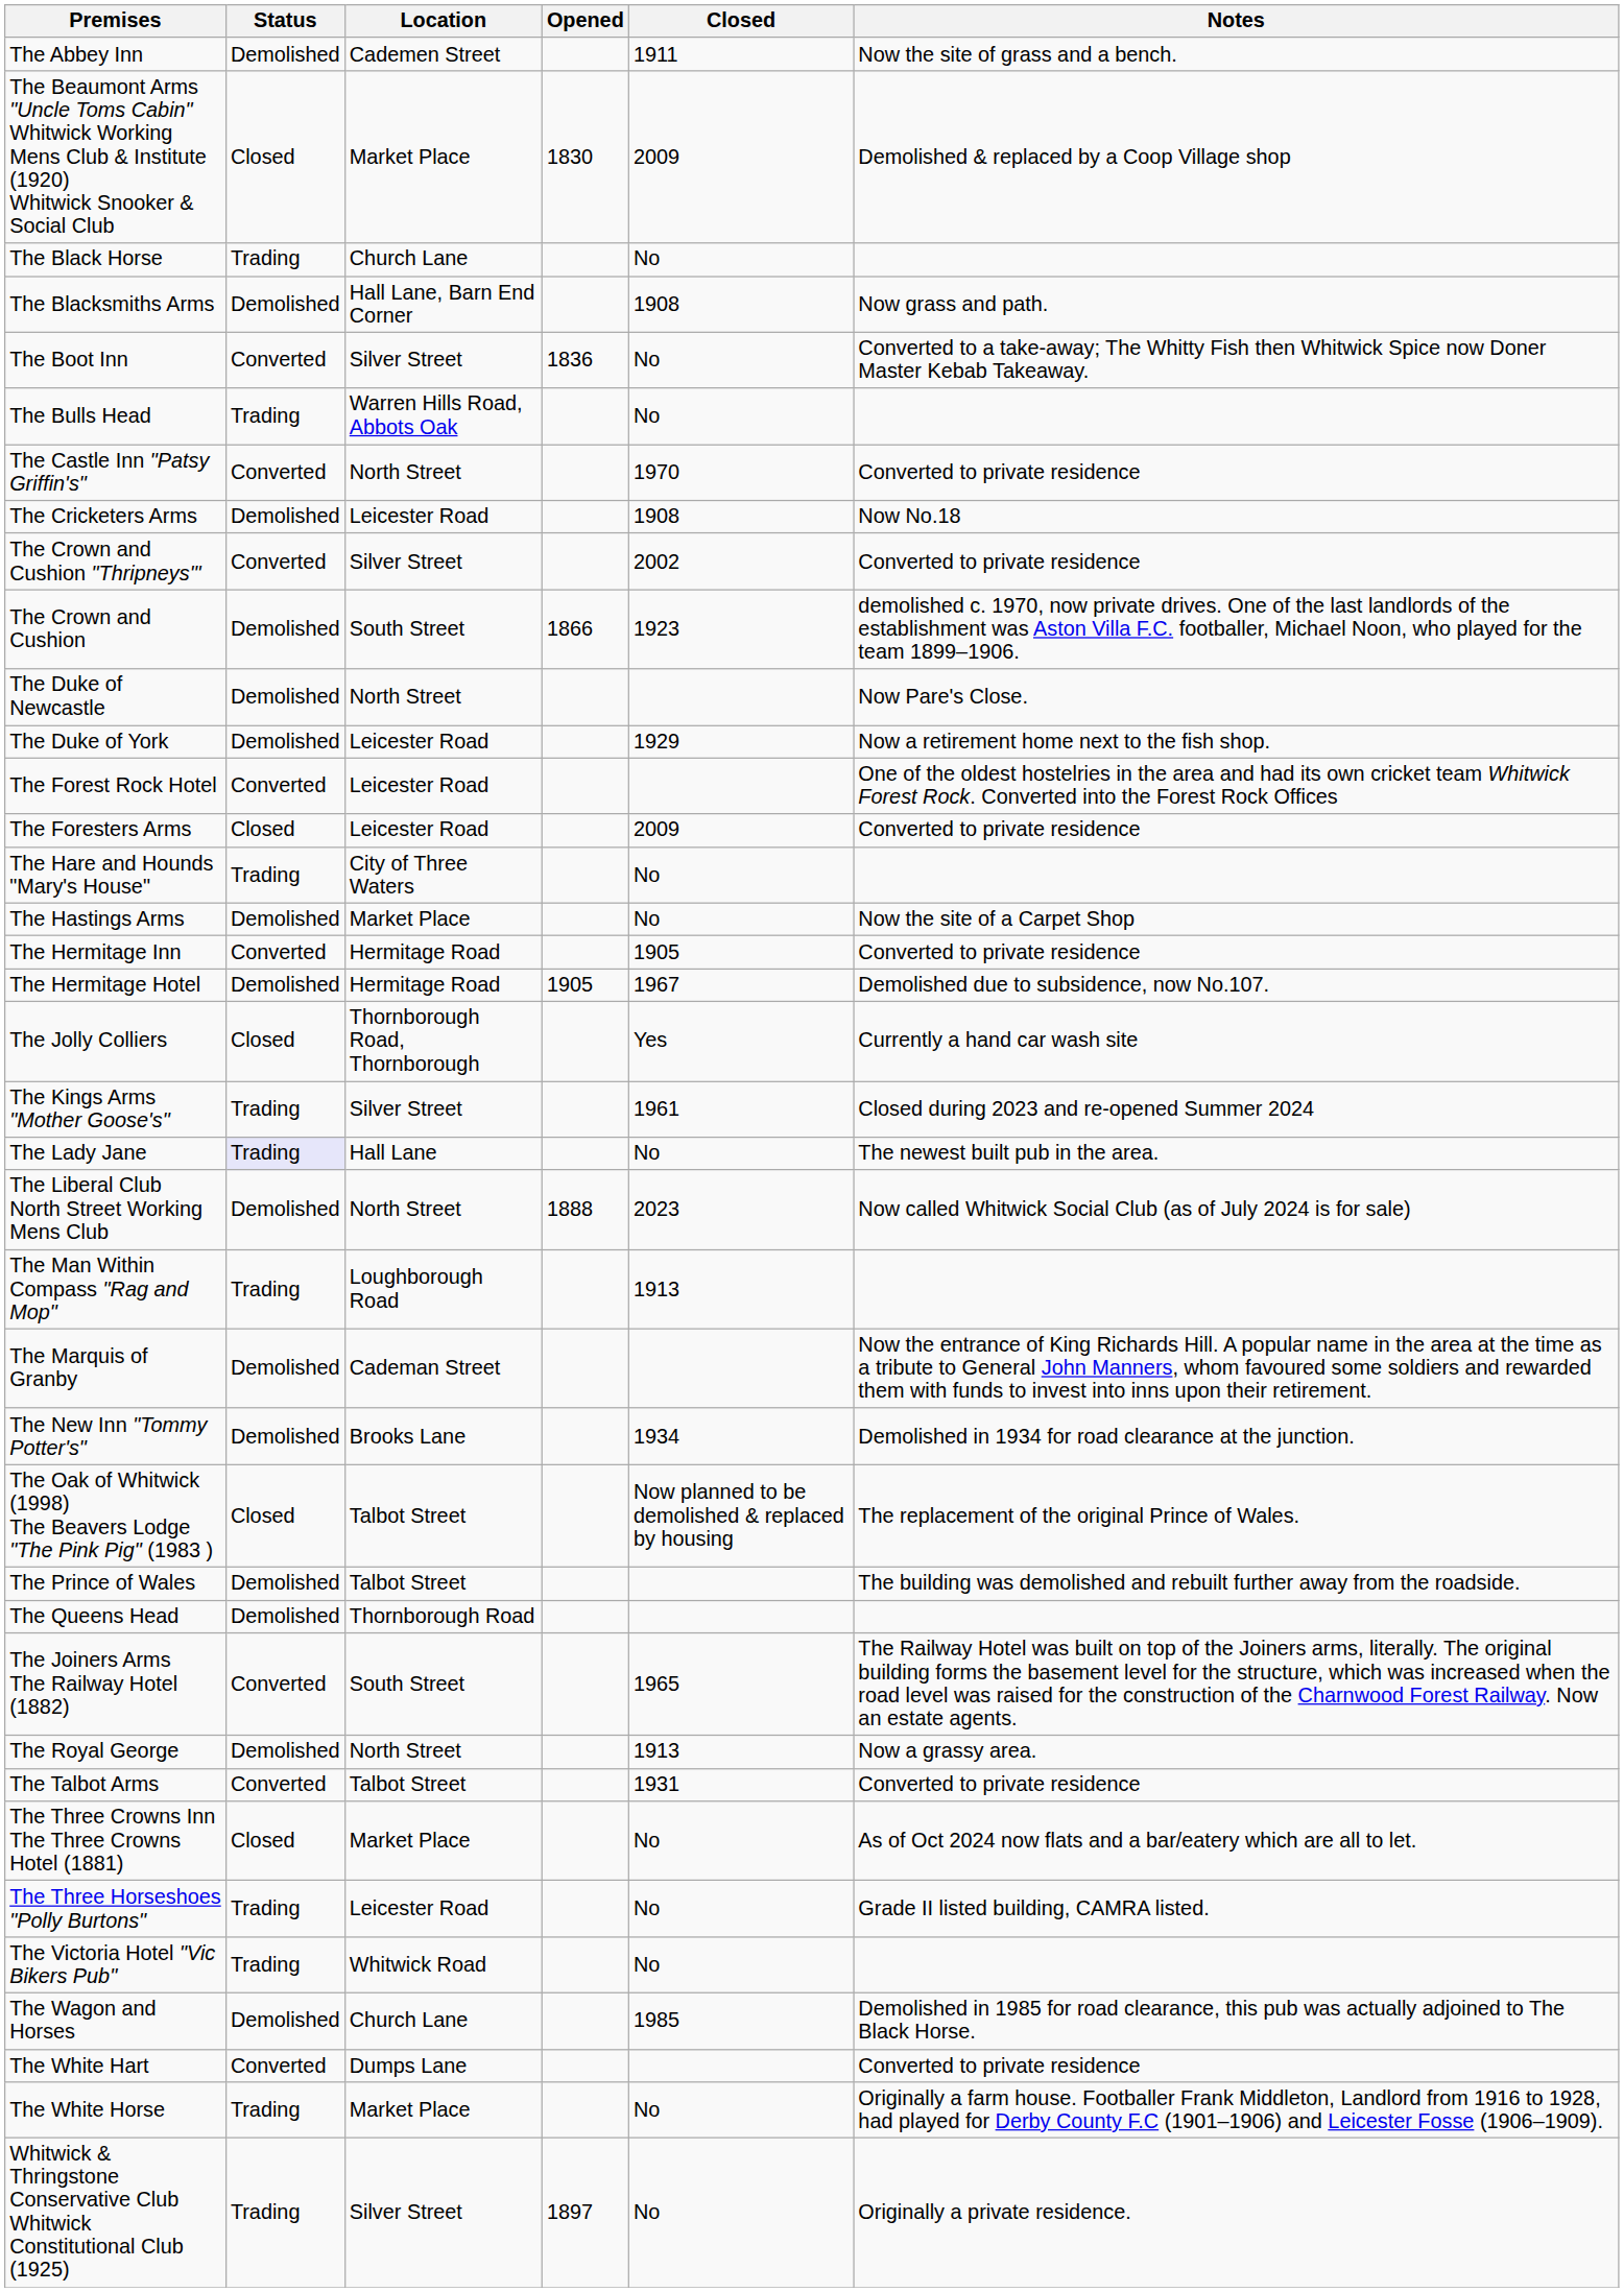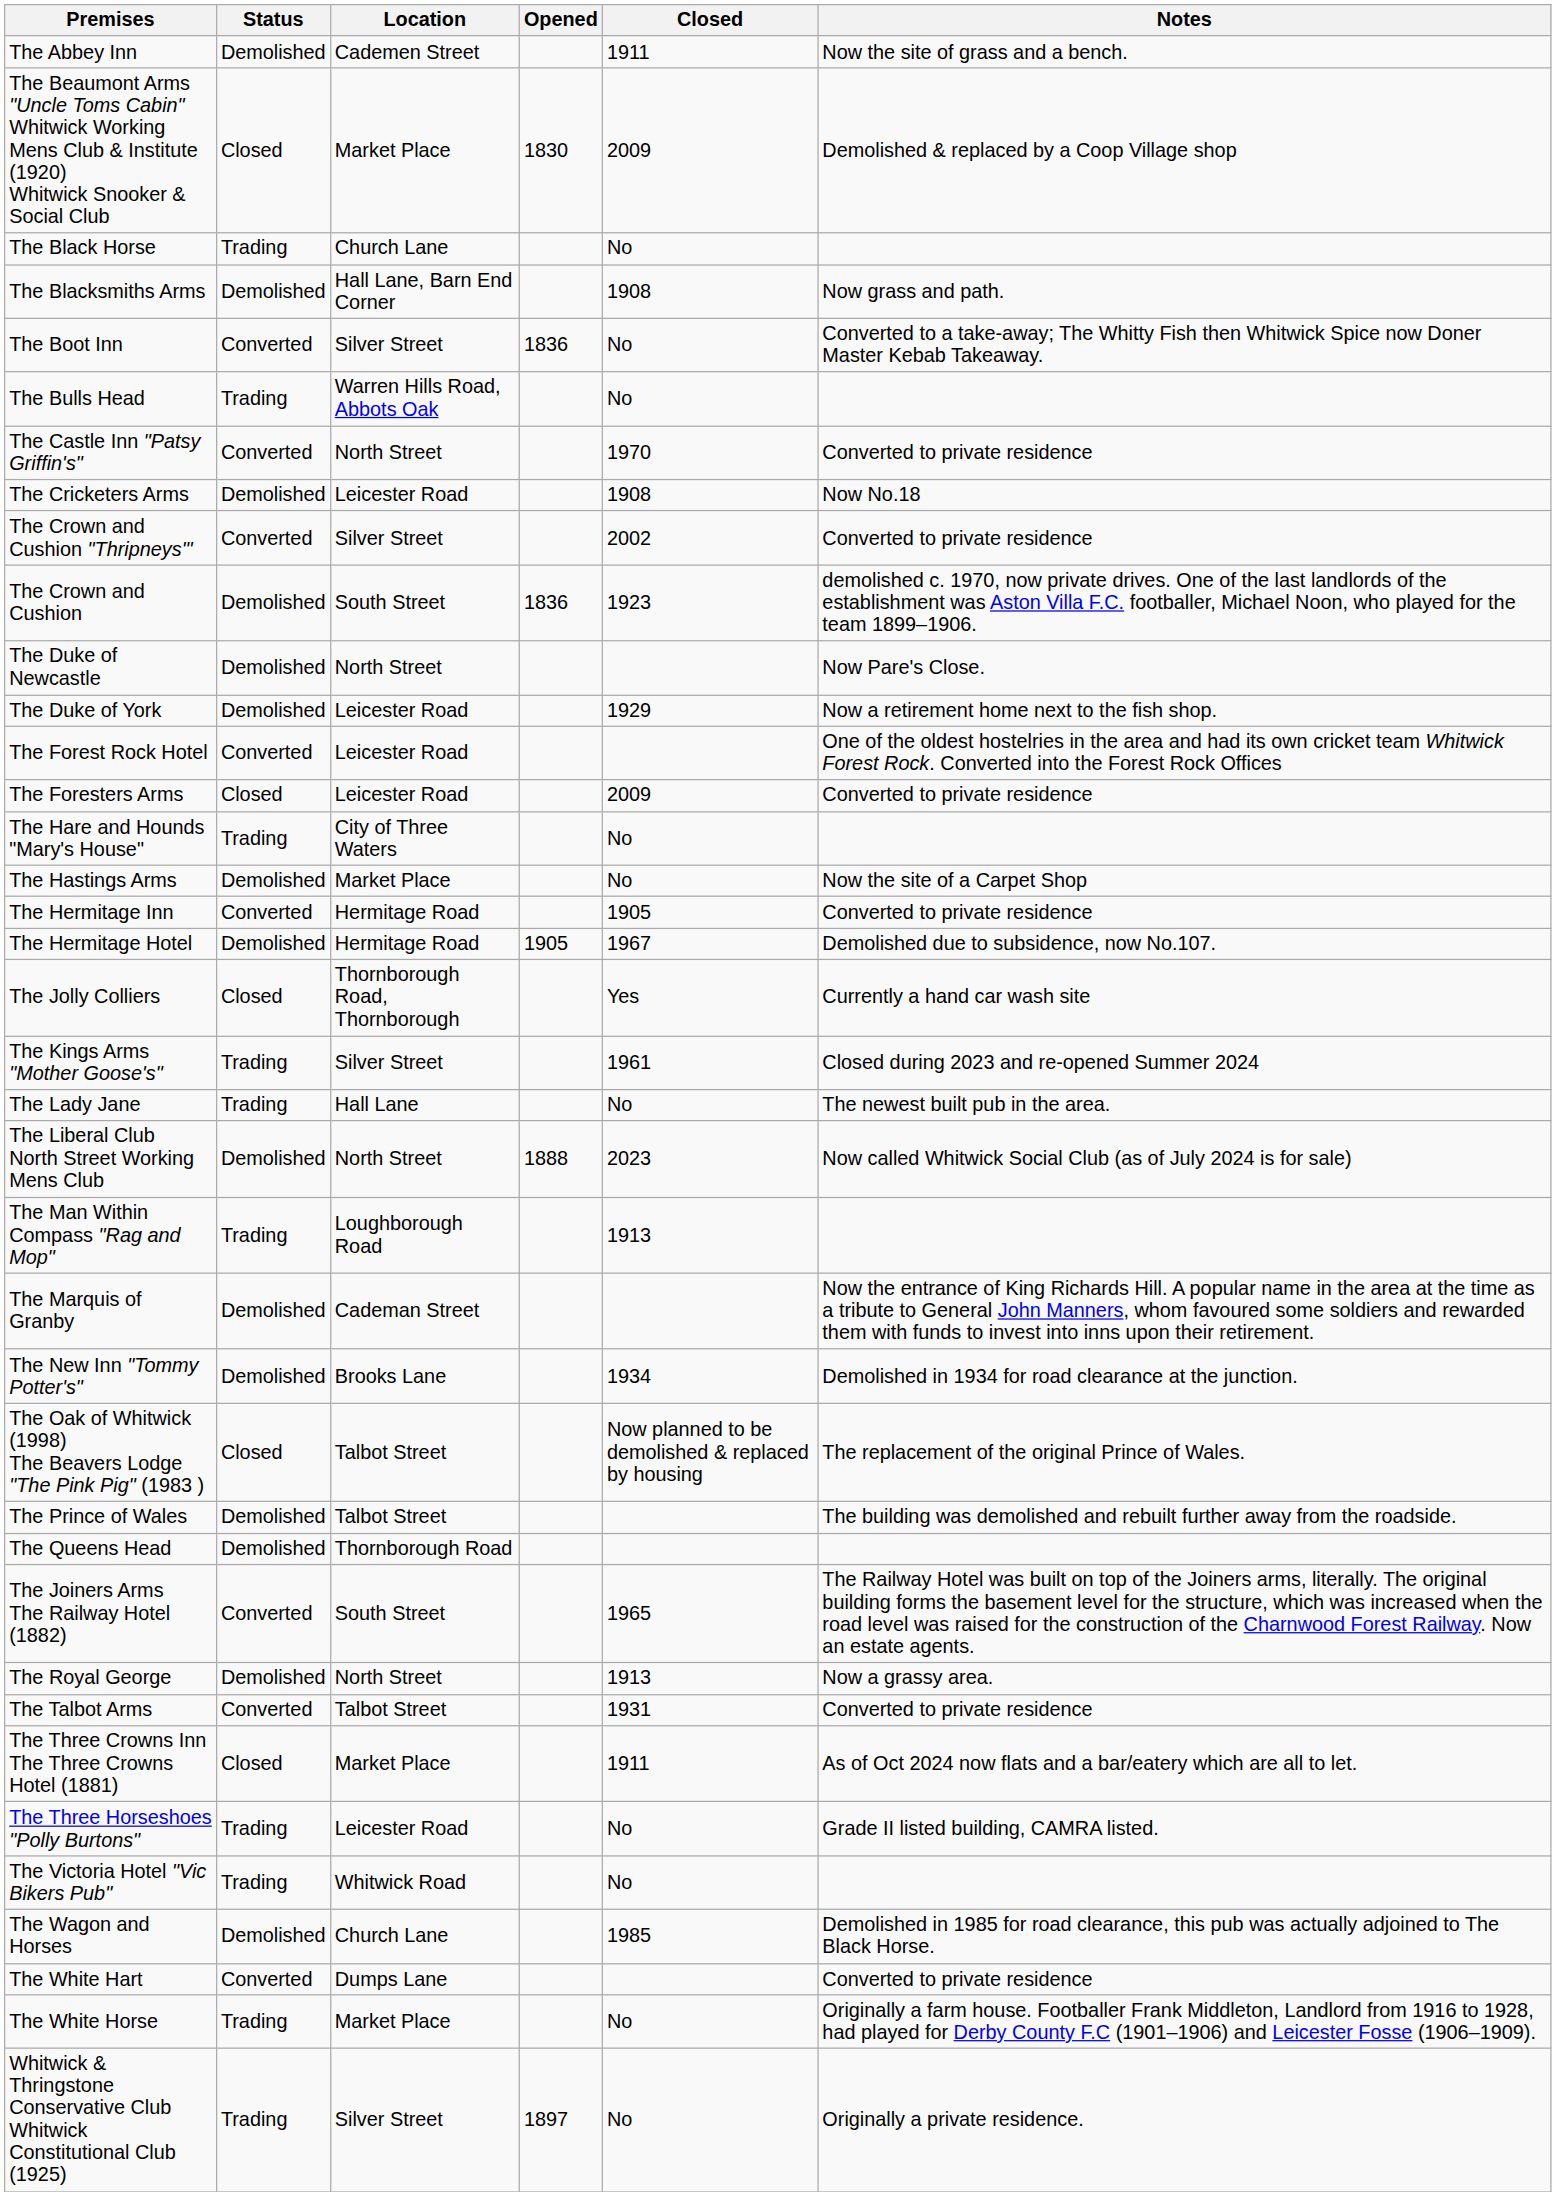 <table class="wikitable sortable">
 <tr>
 <th>Premises</th>
 <th>Status</th>
 <th>Location</th>
 <th>Opened</th>
 <th>Closed</th>
 <th>Notes</th>
 </tr>
 <tr>
 <td>The Abbey Inn</td>
 <td>Demolished</td>
 <td>Cademen Street</td>
 <td></td>
 <td>1911</td>
 <td>Now the site of grass and a bench.</td>
 </tr>
 <tr>
 <td>The Beaumont Arms <em>"Uncle Toms Cabin"</em><br>Whitwick Working Mens Club & Institute (1920) <br>Whitwick Snooker & Social Club</td>
 <td>Closed</td>
 <td>Market Place</td>
 <td>1830</td>
 <td>2009</td>
 <td>Demolished & replaced by a Coop Village shop</td>
 </tr>
 <tr>
 <td>The Black Horse</td>
 <td>Trading</td>
 <td>Church Lane</td>
 <td></td>
 <td>No</td>
 <td></td>
 </tr>
 <tr>
 <td>The Blacksmiths Arms</td>
 <td>Demolished</td>
 <td>Hall Lane, Barn End Corner</td>
 <td></td>
 <td>1908</td>
 <td>Now grass and path.</td>
 </tr>
 <tr>
 <td>The Boot Inn</td>
 <td>Converted</td>
 <td>Silver Street</td>
 <td>1836</td>
 <td>No</td>
 <td>Converted to a take-away; The Whitty Fish then Whitwick Spice now Doner Master Kebab Takeaway.</td>
 </tr>
 <tr>
 <td>The Bulls Head</td>
 <td>Trading</td>
 <td>Warren Hills Road, <a href='#'>Abbots Oak</a></td>
 <td></td>
 <td>No</td>
 <td></td>
 </tr>
 <tr>
 <td>The Castle Inn <em>"Patsy Griffin's"</em></td>
 <td>Converted</td>
 <td>North Street</td>
 <td></td>
 <td>1970</td>
 <td>Converted to private residence</td>
 </tr>
 <tr>
 <td>The Cricketers Arms</td>
 <td>Demolished</td>
 <td>Leicester Road</td>
 <td></td>
 <td>1908</td>
 <td>Now No.18</td>
 </tr>
 <tr>
 <td>The Crown and Cushion <em>"Thripneys'"</em></td>
 <td>Converted</td>
 <td>Silver Street</td>
 <td></td>
 <td>2002</td>
 <td>Converted to private residence</td>
 </tr>
 <tr>
 <td>The Crown and Cushion</td>
 <td>Demolished</td>
 <td>South Street</td>
-<td>1866</td>
+<td>1836</td>
 <td>1923</td>
 <td>demolished c. 1970, now private drives. One of the last landlords of the establishment was <a href='#'>Aston Villa F.C.</a> footballer, Michael Noon, who played for the team 1899–1906.</td>
 </tr>
 <tr>
 <td>The Duke of Newcastle</td>
 <td>Demolished</td>
 <td>North Street</td>
 <td></td>
 <td></td>
 <td>Now Pare's Close.</td>
 </tr>
 <tr>
 <td>The Duke of York</td>
 <td>Demolished</td>
 <td>Leicester Road</td>
 <td></td>
 <td>1929</td>
 <td>Now a retirement home next to the fish shop.</td>
 </tr>
 <tr>
 <td>The Forest Rock Hotel</td>
 <td>Converted</td>
 <td>Leicester Road</td>
 <td></td>
 <td></td>
 <td>One of the oldest hostelries in the area and had its own cricket team <em>Whitwick Forest Rock</em>. Converted into the Forest Rock Offices</td>
 </tr>
 <tr>
 <td>The Foresters Arms</td>
 <td>Closed</td>
 <td>Leicester Road</td>
 <td></td>
 <td>2009</td>
 <td>Converted to private residence</td>
 </tr>
 <tr>
 <td>The Hare and Hounds "Mary's House"</td>
 <td>Trading</td>
 <td>City of Three Waters</td>
 <td></td>
 <td>No</td>
 <td></td>
 </tr>
 <tr>
 <td>The Hastings Arms</td>
 <td>Demolished</td>
 <td>Market Place</td>
 <td></td>
 <td>No</td>
 <td>Now the site of a Carpet Shop</td>
 </tr>
 <tr>
 <td>The Hermitage Inn</td>
 <td>Converted</td>
 <td>Hermitage Road</td>
 <td></td>
 <td>1905</td>
 <td>Converted to private residence</td>
 </tr>
 <tr>
 <td>The Hermitage Hotel</td>
 <td>Demolished</td>
 <td>Hermitage Road</td>
 <td>1905</td>
 <td>1967</td>
 <td>Demolished due to subsidence, now No.107.</td>
 </tr>
 <tr>
 <td>The Jolly Colliers</td>
 <td>Closed</td>
 <td>Thornborough Road, Thornborough</td>
 <td></td>
 <td>Yes</td>
 <td>Currently a hand car wash site</td>
 </tr>
 <tr>
 <td>The Kings Arms <em>"Mother Goose's"</em></td>
 <td>Trading</td>
 <td>Silver Street</td>
 <td></td>
 <td>1961</td>
 <td>Closed during 2023 and re-opened Summer 2024</td>
 </tr>
 <tr>
 <td>The Lady Jane</td>
-<td style="background: lavender;">Trading</td>
+<td>Trading</td>
 <td>Hall Lane</td>
 <td></td>
 <td>No</td>
 <td>The newest built pub in the area.</td>
 </tr>
 <tr>
 <td>The Liberal Club<br>North Street Working Mens Club</td>
 <td>Demolished</td>
 <td>North Street</td>
 <td>1888</td>
 <td>2023</td>
 <td>Now called Whitwick Social Club (as of July 2024 is for sale)</td>
 </tr>
 <tr>
 <td>The Man Within Compass <em>"Rag and Mop"</em></td>
 <td>Trading</td>
 <td>Loughborough Road</td>
 <td></td>
 <td>1913</td>
 <td></td>
 </tr>
 <tr>
 <td>The Marquis of Granby</td>
 <td>Demolished</td>
 <td>Cademan Street</td>
 <td></td>
 <td></td>
 <td>Now the entrance of King Richards Hill. A popular name in the area at the time as a tribute to General <a href='#'>John Manners</a>, whom favoured some soldiers and rewarded them with funds to invest into inns upon their retirement.</td>
 </tr>
 <tr>
 <td>The New Inn <em>"Tommy Potter's"</em></td>
 <td>Demolished</td>
 <td>Brooks Lane</td>
 <td></td>
 <td>1934</td>
 <td>Demolished in 1934 for road clearance at the junction.</td>
 </tr>
 <tr>
 <td>The Oak of Whitwick (1998)<br>The Beavers Lodge <em>"The Pink Pig"</em> (1983 )</td>
 <td>Closed</td>
 <td>Talbot Street</td>
 <td></td>
 <td>Now planned to be demolished & replaced by housing</td>
 <td>The replacement of the original Prince of Wales.</td>
 </tr>
 <tr>
 <td>The Prince of Wales</td>
 <td>Demolished</td>
 <td>Talbot Street</td>
 <td></td>
 <td></td>
 <td>The building was demolished and rebuilt further away from the roadside.</td>
 </tr>
 <tr>
 <td>The Queens Head</td>
 <td>Demolished</td>
 <td>Thornborough Road</td>
 <td></td>
 <td></td>
 <td></td>
 </tr>
 <tr>
 <td>The Joiners Arms<br>The Railway Hotel (1882)</td>
 <td>Converted</td>
 <td>South Street</td>
 <td></td>
 <td>1965</td>
 <td>The Railway Hotel was built on top of the Joiners arms, literally. The original building forms the basement level for the structure, which was increased when the road level was raised for the construction of the <a href='#'>Charnwood Forest Railway</a>. Now an estate agents.</td>
 </tr>
 <tr>
 <td>The Royal George</td>
 <td>Demolished</td>
 <td>North Street</td>
 <td></td>
 <td>1913</td>
 <td>Now a grassy area.</td>
 </tr>
 <tr>
 <td>The Talbot Arms</td>
 <td>Converted</td>
 <td>Talbot Street</td>
 <td></td>
 <td>1931</td>
 <td>Converted to private residence</td>
 </tr>
 <tr>
 <td>The Three Crowns Inn<br>The Three Crowns Hotel (1881)</td>
 <td>Closed</td>
 <td>Market Place</td>
 <td></td>
-<td>No</td>
+<td>1911</td>
 <td>As of Oct 2024 now flats and a bar/eatery which are all to let.</td>
 </tr>
 <tr>
 <td><a href='#'>The Three Horseshoes</a> <em>"Polly Burtons"</em></td>
 <td>Trading</td>
 <td>Leicester Road</td>
 <td></td>
 <td>No</td>
 <td>Grade II listed building, CAMRA listed.</td>
 </tr>
 <tr>
 <td>The Victoria Hotel <em>"Vic Bikers Pub"</em></td>
 <td>Trading</td>
 <td>Whitwick Road</td>
 <td></td>
 <td>No</td>
 <td></td>
 </tr>
 <tr>
 <td>The Wagon and Horses</td>
 <td>Demolished</td>
 <td>Church Lane</td>
 <td></td>
 <td>1985</td>
 <td>Demolished in 1985 for road clearance, this pub was actually adjoined to The Black Horse.</td>
 </tr>
 <tr>
 <td>The White Hart</td>
 <td>Converted</td>
 <td>Dumps Lane</td>
 <td></td>
 <td></td>
 <td>Converted to private residence</td>
 </tr>
 <tr>
 <td>The White Horse</td>
 <td>Trading</td>
 <td>Market Place</td>
 <td></td>
 <td>No</td>
 <td>Originally a farm house. Footballer Frank Middleton, Landlord from 1916 to 1928, had played for <a href='#'>Derby County F.C</a> (1901–1906) and <a href='#'>Leicester Fosse</a> (1906–1909).</td>
 </tr>
 <tr>
 <td>Whitwick & Thringstone Conservative Club<br>Whitwick Constitutional Club (1925)</td>
 <td>Trading</td>
 <td>Silver Street</td>
 <td>1897</td>
 <td>No</td>
 <td>Originally a private residence.</td>
 </tr>
 </table>
